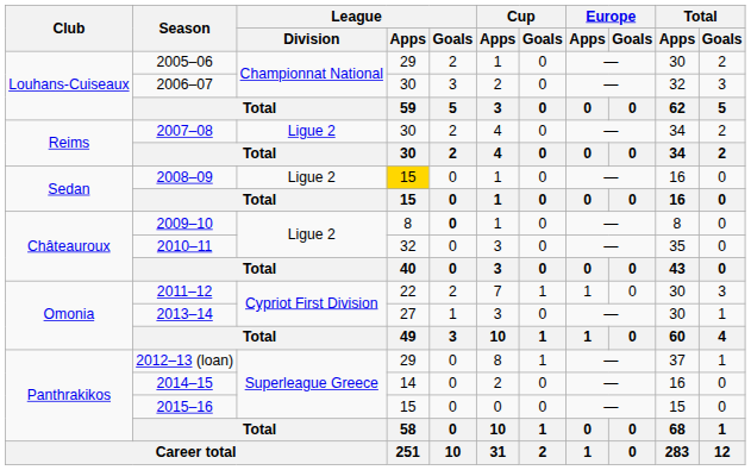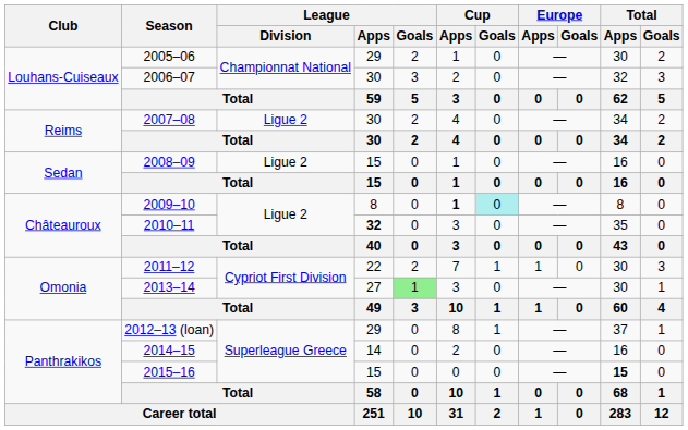 <table class="wikitable" style="text-align: center">
 <tr>
 <th rowspan="2">Club</th>
 <th rowspan="2">Season</th>
 <th colspan="3">League</th>
 <th colspan="2">Cup</th>
 <th colspan="2"><a href='#'>Europe</a></th>
 <th colspan="2">Total</th>
 </tr>
 <tr>
 <th>Division</th>
 <th>Apps</th>
 <th>Goals</th>
 <th>Apps</th>
 <th>Goals</th>
 <th>Apps</th>
 <th>Goals</th>
 <th>Apps</th>
 <th>Goals</th>
 </tr>
 <tr>
 <td rowspan="3"><a href='#'>Louhans-Cuiseaux</a></td>
 <td>2005–06</td>
 <td rowspan="2"><a href='#'>Championnat National</a></td>
 <td>29</td>
 <td>2</td>
 <td>1</td>
 <td>0</td>
 <td colspan="2">—</td>
 <td>30</td>
 <td>2</td>
 </tr>
 <tr>
 <td>2006–07</td>
 <td>30</td>
 <td>3</td>
 <td>2</td>
 <td>0</td>
 <td colspan="2">—</td>
 <td>32</td>
 <td>3</td>
 </tr>
 <tr>
 <th colspan="2">Total</th>
 <th>59</th>
 <th>5</th>
 <th>3</th>
 <th>0</th>
 <th>0</th>
 <th>0</th>
 <th>62</th>
 <th>5</th>
 </tr>
 <tr>
 <td rowspan="2"><a href='#'>Reims</a></td>
 <td><a href='#'>2007–08</a></td>
 <td><a href='#'>Ligue 2</a></td>
 <td>30</td>
 <td>2</td>
 <td>4</td>
 <td>0</td>
 <td colspan="2">—</td>
 <td>34</td>
 <td>2</td>
 </tr>
 <tr>
 <th colspan="2">Total</th>
 <th>30</th>
 <th>2</th>
 <th>4</th>
 <th>0</th>
 <th>0</th>
 <th>0</th>
 <th>34</th>
 <th>2</th>
 </tr>
 <tr>
 <td rowspan="2"><a href='#'>Sedan</a></td>
 <td><a href='#'>2008–09</a></td>
 <td>Ligue 2</td>
-<td style="background: gold;">15</td>
+<td>15</td>
 <td>0</td>
 <td>1</td>
 <td>0</td>
 <td colspan="2">—</td>
 <td>16</td>
 <td>0</td>
 </tr>
 <tr>
 <th colspan="2">Total</th>
 <th>15</th>
 <th>0</th>
 <th>1</th>
 <th>0</th>
 <th>0</th>
 <th>0</th>
 <th>16</th>
 <th>0</th>
 </tr>
 <tr>
 <td rowspan="3"><a href='#'>Châteauroux</a></td>
 <td><a href='#'>2009–10</a></td>
 <td rowspan="2">Ligue 2</td>
 <td>8</td>
-<td><strong>0</strong></td>
-<td>1</td>
 <td>0</td>
+<td><strong>1</strong></td>
+<td style="background: paleturquoise;">0</td>
 <td colspan="2">—</td>
 <td>8</td>
 <td>0</td>
 </tr>
 <tr>
 <td><a href='#'>2010–11</a></td>
-<td>32</td>
+<td><strong>32</strong></td>
 <td>0</td>
 <td>3</td>
 <td>0</td>
 <td colspan="2">—</td>
 <td>35</td>
 <td>0</td>
 </tr>
 <tr>
 <th colspan="2">Total</th>
 <th>40</th>
 <th>0</th>
 <th>3</th>
 <th>0</th>
 <th>0</th>
 <th>0</th>
 <th>43</th>
 <th>0</th>
 </tr>
 <tr>
 <td rowspan="3"><a href='#'>Omonia</a></td>
 <td><a href='#'>2011–12</a></td>
 <td rowspan="2"><a href='#'>Cypriot First Division</a></td>
 <td>22</td>
 <td>2</td>
 <td>7</td>
 <td>1</td>
 <td>1</td>
 <td>0</td>
 <td>30</td>
 <td>3</td>
 </tr>
 <tr>
 <td><a href='#'>2013–14</a></td>
 <td>27</td>
-<td>1</td>
+<td style="background: lightgreen;">1</td>
 <td>3</td>
 <td>0</td>
 <td colspan="2">—</td>
 <td>30</td>
 <td>1</td>
 </tr>
 <tr>
 <th colspan="2">Total</th>
 <th>49</th>
 <th>3</th>
 <th>10</th>
 <th>1</th>
 <th>1</th>
 <th>0</th>
 <th>60</th>
 <th>4</th>
 </tr>
 <tr>
 <td rowspan="4"><a href='#'>Panthrakikos</a></td>
 <td><a href='#'>2012–13</a> (loan)</td>
 <td rowspan="3"><a href='#'>Superleague Greece</a></td>
 <td>29</td>
 <td>0</td>
 <td>8</td>
 <td>1</td>
 <td colspan="2">—</td>
 <td>37</td>
 <td>1</td>
 </tr>
 <tr>
 <td><a href='#'>2014–15</a></td>
 <td>14</td>
 <td>0</td>
 <td>2</td>
 <td>0</td>
 <td colspan="2">—</td>
 <td>16</td>
 <td>0</td>
 </tr>
 <tr>
 <td><a href='#'>2015–16</a></td>
 <td>15</td>
 <td>0</td>
 <td>0</td>
 <td>0</td>
 <td colspan="2">—</td>
-<td>15</td>
+<td><strong>15</strong></td>
 <td>0</td>
 </tr>
 <tr>
 <th colspan="2">Total</th>
 <th>58</th>
 <th>0</th>
 <th>10</th>
 <th>1</th>
 <th>0</th>
 <th>0</th>
 <th>68</th>
 <th>1</th>
 </tr>
 <tr>
 <th colspan="3">Career total</th>
 <th>251</th>
 <th>10</th>
 <th>31</th>
 <th>2</th>
 <th>1</th>
 <th>0</th>
 <th>283</th>
 <th>12</th>
 </tr>
 </table>
